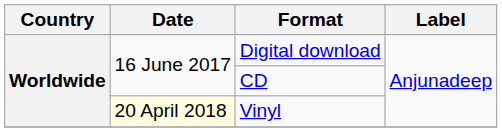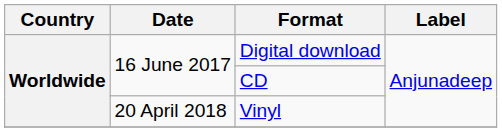 <table class="wikitable plainrowheaders">
 <tr>
 <th>Country</th>
 <th>Date</th>
 <th>Format</th>
 <th>Label</th>
 </tr>
 <tr>
 <th scope="row" rowspan="3">Worldwide</th>
 <td rowspan="2">16 June 2017</td>
 <td><a href='#'>Digital download</a></td>
 <td rowspan="3"><a href='#'>Anjunadeep</a></td>
 </tr>
 <tr>
 <td><a href='#'>CD</a></td>
 </tr>
 <tr>
-<td style="background: lightyellow;">20 April 2018</td>
+<td>20 April 2018</td>
 <td><a href='#'>Vinyl</a></td>
 </tr>
 <tr>
 </tr>
 </table>
